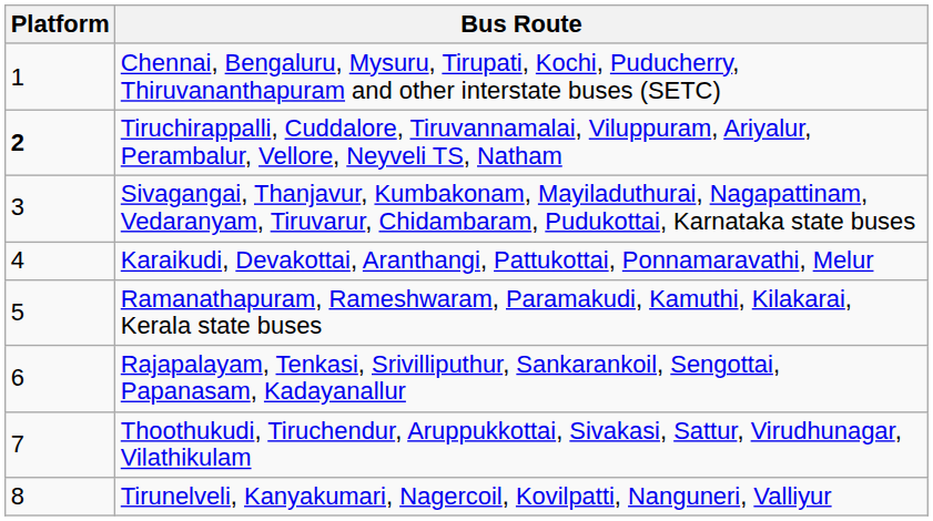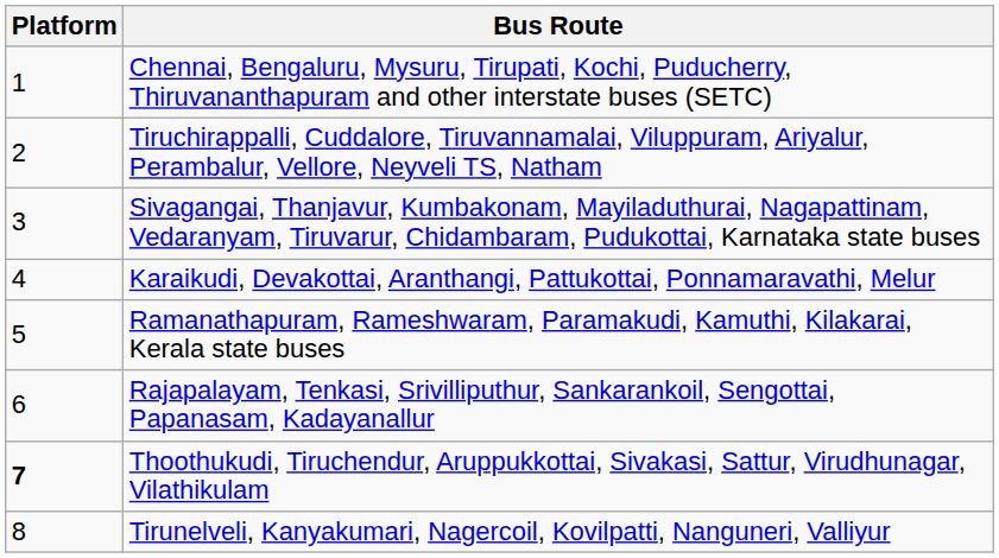 <table class ="wikitable sortable">
 <tr>
 <th>Platform</th>
 <th>Bus Route</th>
 </tr>
 <tr>
 <td>1</td>
 <td><a href='#'>Chennai</a>, <a href='#'>Bengaluru</a>, <a href='#'>Mysuru</a>, <a href='#'>Tirupati</a>, <a href='#'>Kochi</a>, <a href='#'>Puducherry</a>, <a href='#'>Thiruvananthapuram</a> and other interstate buses (SETC)</td>
 </tr>
 <tr>
-<td><strong>2</strong></td>
+<td>2</td>
 <td><a href='#'>Tiruchirappalli</a>, <a href='#'>Cuddalore</a>, <a href='#'>Tiruvannamalai</a>, <a href='#'>Viluppuram</a>, <a href='#'>Ariyalur</a>, <a href='#'>Perambalur</a>, <a href='#'>Vellore</a>, <a href='#'>Neyveli TS</a>, <a href='#'>Natham</a></td>
 </tr>
 <tr>
 <td>3</td>
 <td><a href='#'>Sivagangai</a>, <a href='#'>Thanjavur</a>, <a href='#'>Kumbakonam</a>, <a href='#'>Mayiladuthurai</a>, <a href='#'>Nagapattinam</a>, <a href='#'>Vedaranyam</a>, <a href='#'>Tiruvarur</a>, <a href='#'>Chidambaram</a>, <a href='#'>Pudukottai</a>, Karnataka state buses</td>
 </tr>
 <tr>
 <td>4</td>
 <td><a href='#'>Karaikudi</a>, <a href='#'>Devakottai</a>, <a href='#'>Aranthangi</a>, <a href='#'>Pattukottai</a>, <a href='#'>Ponnamaravathi</a>, <a href='#'>Melur</a></td>
 </tr>
 <tr>
 <td>5</td>
 <td><a href='#'>Ramanathapuram</a>, <a href='#'>Rameshwaram</a>, <a href='#'>Paramakudi</a>, <a href='#'>Kamuthi</a>, <a href='#'>Kilakarai</a>, Kerala state buses</td>
 </tr>
 <tr>
 <td>6</td>
 <td><a href='#'>Rajapalayam</a>, <a href='#'>Tenkasi</a>, <a href='#'>Srivilliputhur</a>, <a href='#'>Sankarankoil</a>, <a href='#'>Sengottai</a>, <a href='#'>Papanasam</a>, <a href='#'>Kadayanallur</a></td>
 </tr>
 <tr>
-<td>7</td>
+<td><strong>7</strong></td>
 <td><a href='#'>Thoothukudi</a>, <a href='#'>Tiruchendur</a>, <a href='#'>Aruppukkottai</a>, <a href='#'>Sivakasi</a>, <a href='#'>Sattur</a>, <a href='#'>Virudhunagar</a>, <a href='#'>Vilathikulam</a></td>
 </tr>
 <tr>
 <td>8</td>
 <td><a href='#'>Tirunelveli</a>, <a href='#'>Kanyakumari</a>, <a href='#'>Nagercoil</a>, <a href='#'>Kovilpatti</a>, <a href='#'>Nanguneri</a>, <a href='#'>Valliyur</a></td>
 </tr>
 </table>
